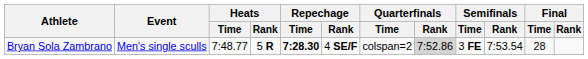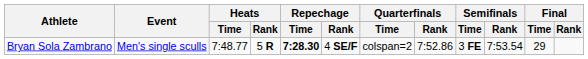 <table class="wikitable" style="font-size:90%">
 <tr>
 <th rowspan="2">Athlete</th>
 <th rowspan="2">Event</th>
 <th colspan="2">Heats</th>
 <th colspan="2">Repechage</th>
 <th colspan="2">Quarterfinals</th>
 <th colspan="2">Semifinals</th>
 <th colspan="2">Final</th>
 </tr>
 <tr style="font-size:95%">
 <th>Time</th>
 <th>Rank</th>
 <th>Time</th>
 <th>Rank</th>
 <th>Time</th>
 <th>Rank</th>
 <th>Time</th>
 <th>Rank</th>
 <th>Time</th>
 <th>Rank</th>
 </tr>
 <tr align=center>
 <td align=left><a href='#'>Bryan Sola Zambrano</a></td>
 <td align=left><a href='#'>Men's single sculls</a></td>
 <td>7:48.77</td>
 <td>5 <strong>R</strong></td>
 <td><strong>7:28.30</strong></td>
 <td>4 <strong>SE/F</strong></td>
 <td>colspan=2 </td>
-<td style="background: lightgrey;">7:52.86</td>
+<td>7:52.86</td>
 <td>3 <strong>FE</strong></td>
 <td>7:53.54</td>
-<td>28</td>
+<td>29</td>
 </tr>
 </table>
